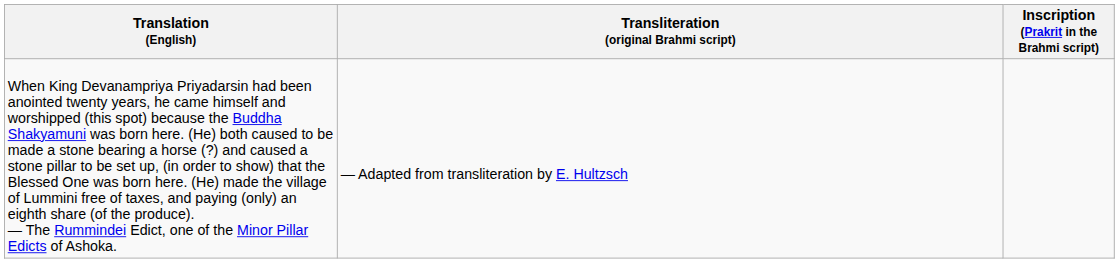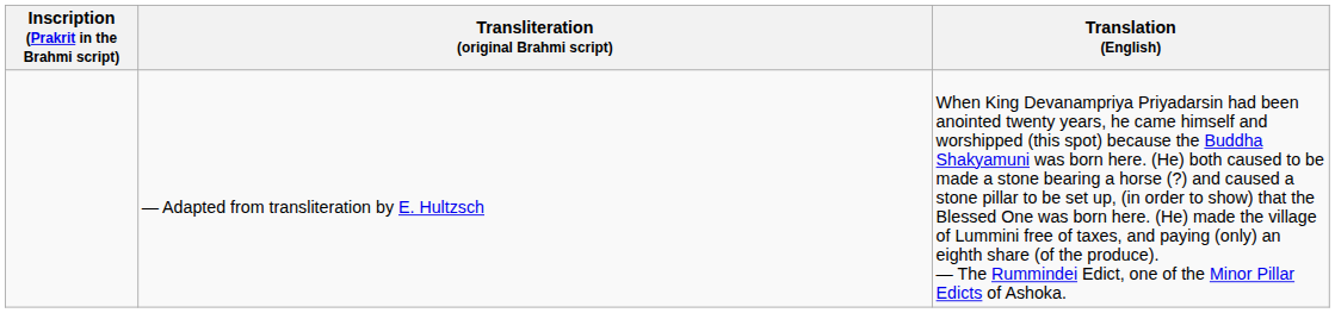 <table class="wikitable">
 <tr>
+<th>Inscription<br><small>(<a href='#'>Prakrit</a> in the Brahmi script)</small></th>
+<th>Transliteration<br><small>(original Brahmi script)</small></th>
 <th>Translation<br><small>(English)</small></th>
-<th>Transliteration<br><small>(original Brahmi script)</small></th>
-<th>Inscription<br><small>(<a href='#'>Prakrit</a> in the Brahmi script)</small></th>
 </tr>
 <tr>
+<td style="text-align:center" width="10%"><br></td>
+<td style="text-align:left"><br><br>— Adapted from transliteration by <a href='#'>E. Hultzsch</a></td>
 <td width="30%"><br>When King Devanampriya Priyadarsin had been anointed twenty years, he came himself and worshipped (this spot) because the <a href='#'>Buddha Shakyamuni</a> was born here. (He) both caused to be made a stone bearing a horse (?) and caused a stone pillar to be set up, (in order to show) that the Blessed One was born here. (He) made the village of Lummini free of taxes, and paying (only) an eighth share (of the produce).<br>— The <a href='#'>Rummindei</a> Edict, one of the <a href='#'>Minor Pillar Edicts</a> of Ashoka.</td>
-<td style="text-align:left"><br><br>— Adapted from transliteration by <a href='#'>E. Hultzsch</a></td>
-<td style="text-align:center" width="10%"><br></td>
 </tr>
 </table>
